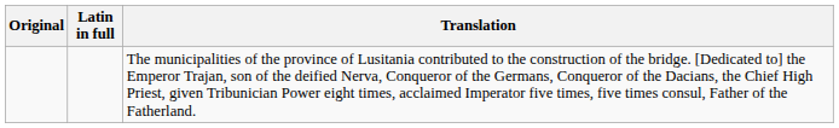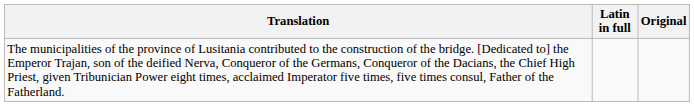 <table class="wikitable">
 <tr>
+<th scope="col">Translation</th>
+<th scope="col">Latin in full</th>
 <th scope="col">Original</th>
-<th scope="col">Latin in full</th>
-<th scope="col">Translation</th>
 </tr>
 <tr>
+<td>The municipalities of the province of Lusitania contributed to the construction of the bridge. [Dedicated to] the Emperor Trajan, son of the deified Nerva, Conqueror of the Germans, Conqueror of the Dacians, the Chief High Priest, given Tribunician Power eight times, acclaimed Imperator five times, five times consul, Father of the Fatherland.</td>
 <td></td>
 <td></td>
-<td>The municipalities of the province of Lusitania contributed to the construction of the bridge. [Dedicated to] the Emperor Trajan, son of the deified Nerva, Conqueror of the Germans, Conqueror of the Dacians, the Chief High Priest, given Tribunician Power eight times, acclaimed Imperator five times, five times consul, Father of the Fatherland.</td>
 </tr>
 </table>
